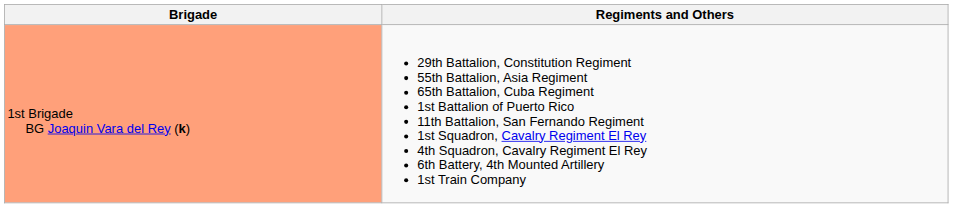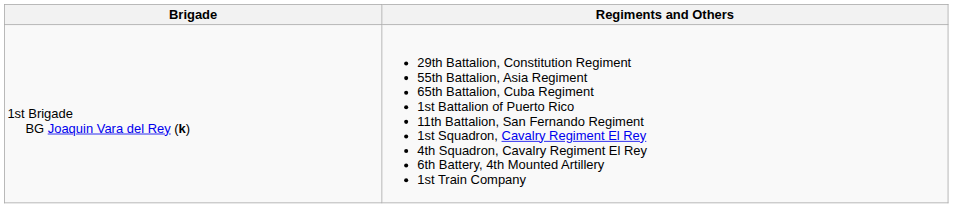 <table class="wikitable">
 <tr>
 <th width=20%>Brigade</th>
 <th width=30%>Regiments and Others</th>
 </tr>
 <tr>
-<td rowspan=1 style="background: lightsalmon;"><br>1st Brigade <br>     BG <a href='#'>Joaquin Vara del Rey</a> (<strong>k</strong>)</td>
+<td rowspan=1><br>1st Brigade <br>     BG <a href='#'>Joaquin Vara del Rey</a> (<strong>k</strong>)</td>
 <td><br><ul><li>29th Battalion, Constitution Regiment</li><li>55th Battalion, Asia Regiment</li><li>65th Battalion, Cuba Regiment</li><li>1st Battalion of Puerto Rico</li><li>11th Battalion, San Fernando Regiment</li><li>1st Squadron, <a href='#'>Cavalry Regiment El Rey</a></li><li>4th Squadron, Cavalry Regiment El Rey</li><li>6th Battery, 4th Mounted Artillery</li><li>1st Train Company</li></ul></td>
 </tr>
 </table>
